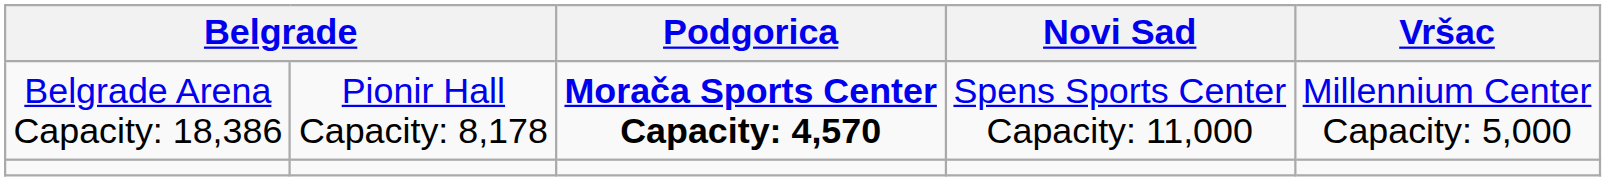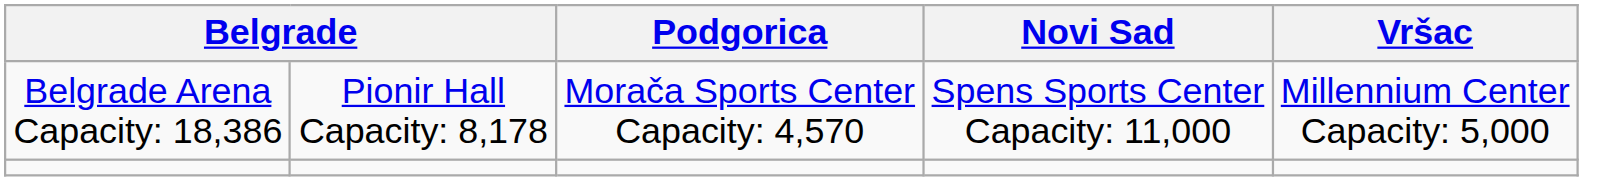 <table class="wikitable" style="text-align:center">
 <tr>
 <th colspan=2><a href='#'>Belgrade</a></th>
 <th><a href='#'>Podgorica</a></th>
 <th><a href='#'>Novi Sad</a></th>
 <th><a href='#'>Vršac</a></th>
 </tr>
 <tr>
 <td><a href='#'>Belgrade Arena</a><br>Capacity: 18,386</td>
 <td><a href='#'>Pionir Hall</a><br>Capacity: 8,178</td>
-<td><strong><a href='#'>Morača Sports Center</a><br>Capacity: 4,570</strong></td>
+<td><a href='#'>Morača Sports Center</a><br>Capacity: 4,570</td>
 <td><a href='#'>Spens Sports Center</a><br>Capacity: 11,000</td>
 <td><a href='#'>Millennium Center</a><br>Capacity: 5,000</td>
 </tr>
 <tr>
 <td></td>
 <td></td>
 <td></td>
 <td></td>
 <td></td>
 </tr>
 </table>
